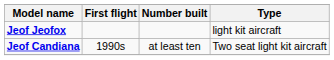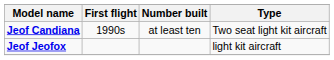 <table class="wikitable" align=center style="font-size:90%;">
 <tr>
 </tr>
 <tr style="background:#efefef;">
 <th>Model name</th>
 <th>First flight</th>
 <th>Number built</th>
 <th>Type</th>
 </tr>
 <tr>
+<td align=left><strong><a href='#'>Jeof Candiana</a></strong></td>
+<td align=center>1990s</td>
+<td align=center>at least ten</td>
+<td align=left>Two seat light kit aircraft</td>
+</tr>
+<tr>
 <td align=left><strong><a href='#'>Jeof Jeofox</a></strong></td>
 <td align=center></td>
 <td align=center></td>
 <td align=left>light kit aircraft</td>
 </tr>
 <tr>
-<td align=left><strong><a href='#'>Jeof Candiana</a></strong></td>
-<td align=center>1990s</td>
-<td align=center>at least ten</td>
-<td align=left>Two seat light kit aircraft</td>
-</tr>
-<tr>
 </tr>
 </table>
